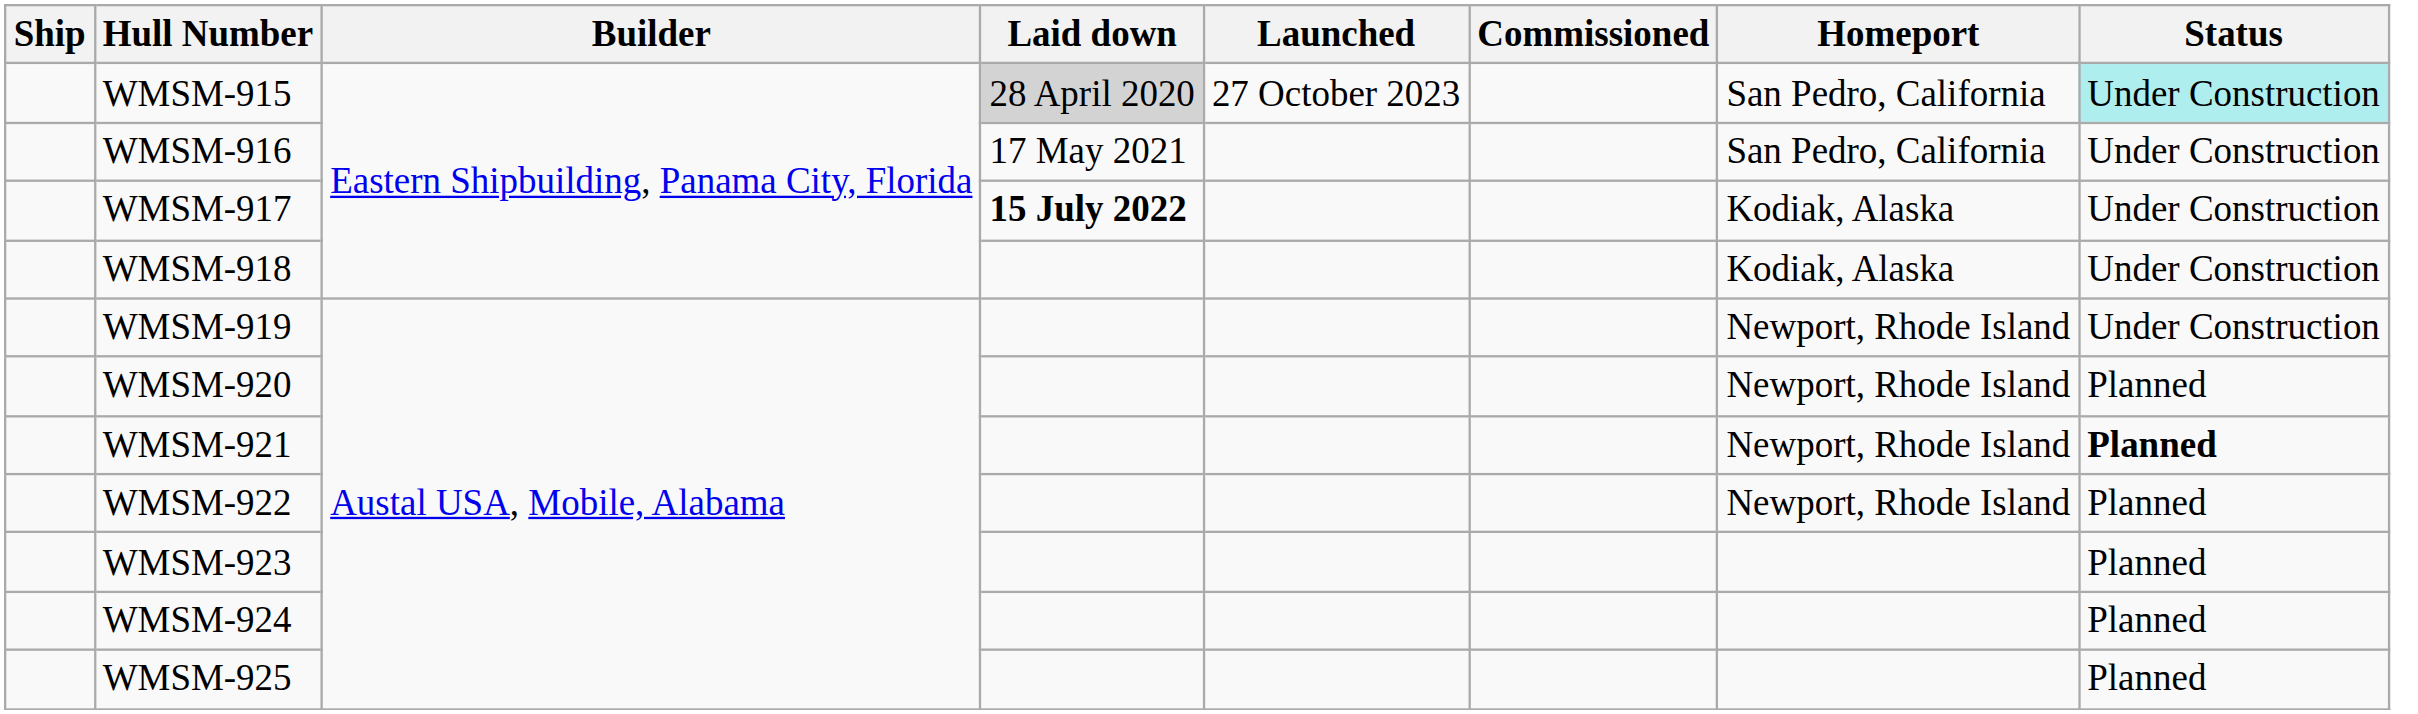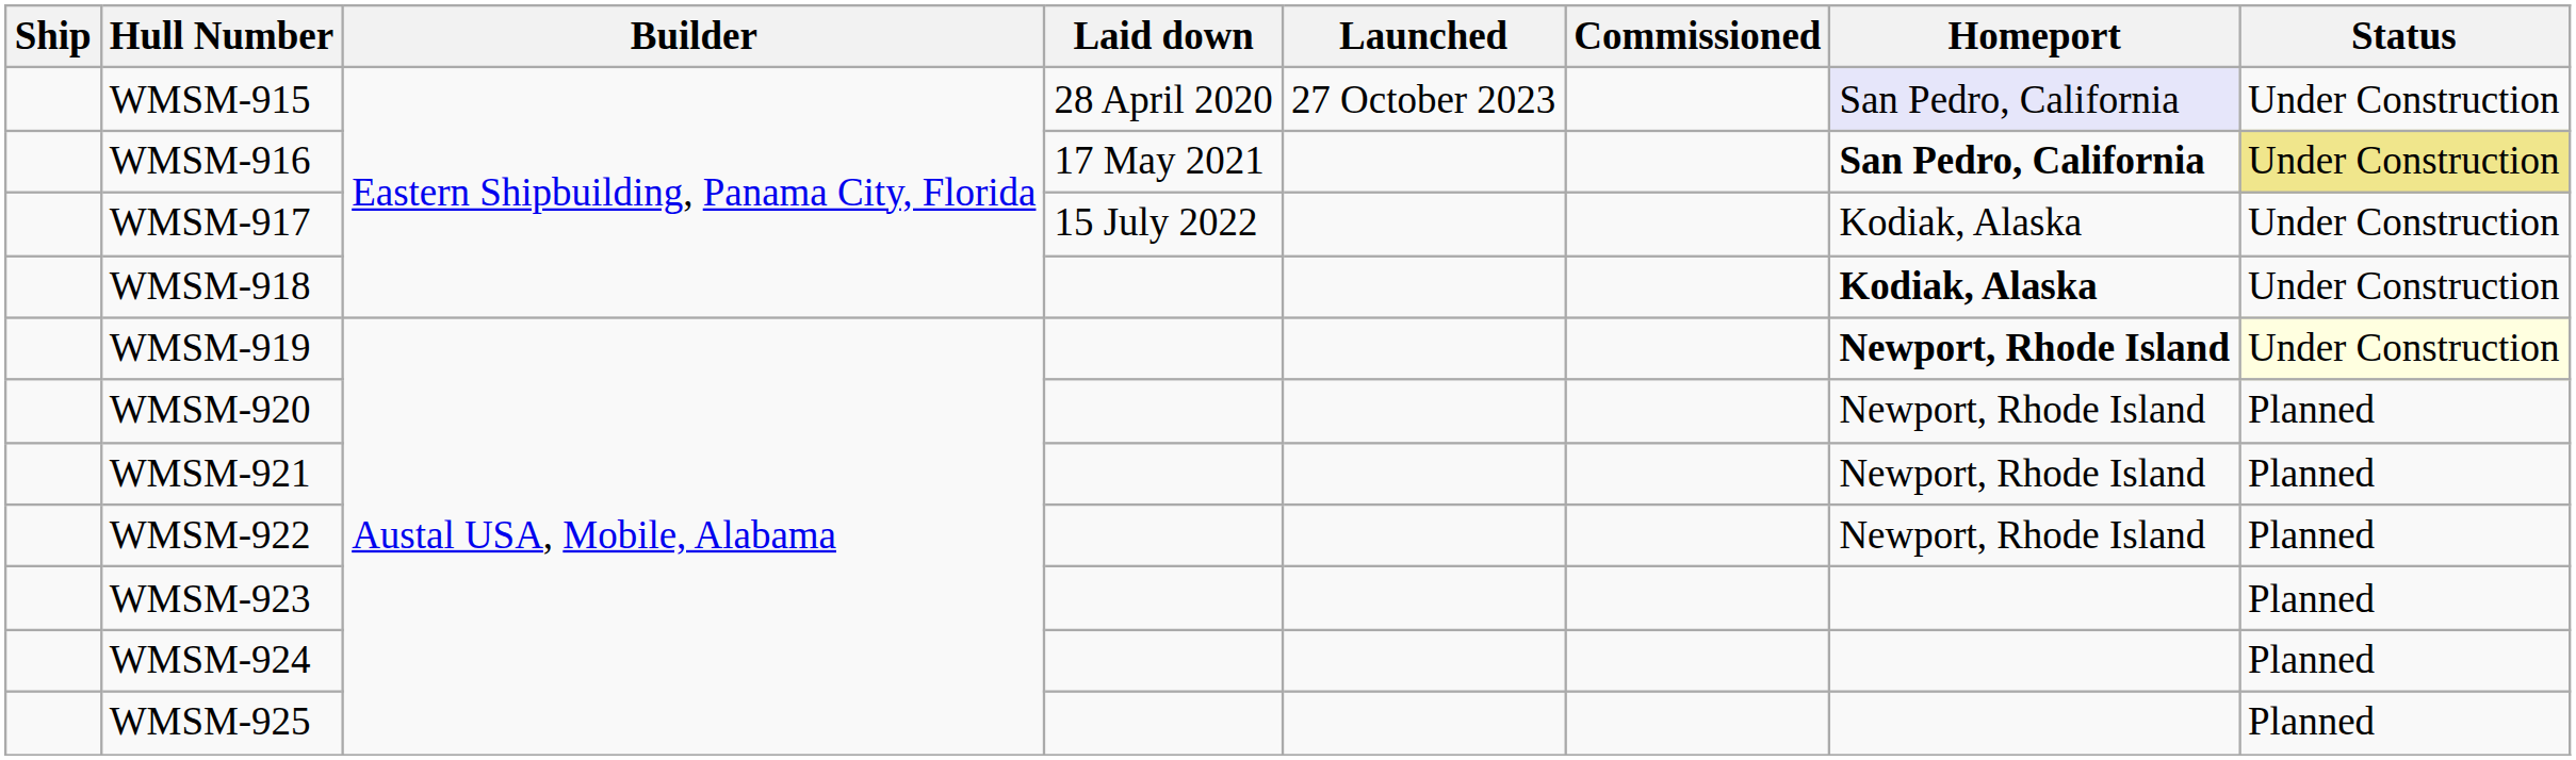 <table class="wikitable">
 <tr>
 <th align = center>Ship</th>
 <th align = center>Hull Number</th>
 <th align = center>Builder</th>
 <th align = center>Laid down</th>
 <th align = center>Launched</th>
 <th align = center>Commissioned</th>
 <th align = center>Homeport</th>
 <th align = center>Status</th>
 </tr>
 <tr>
 <td></td>
 <td>WMSM-915</td>
 <td rowspan=4><a href='#'>Eastern Shipbuilding</a>, <a href='#'>Panama City, Florida</a></td>
-<td style="background: lightgrey;">28 April 2020 </td>
+<td>28 April 2020 </td>
 <td>27 October 2023</td>
 <td></td>
-<td>San Pedro, California</td>
-<td style="background: paleturquoise;">Under Construction</td>
+<td style="background: lavender;">San Pedro, California</td>
+<td>Under Construction</td>
 </tr>
 <tr>
 <td></td>
 <td>WMSM-916</td>
 <td>17 May 2021 </td>
 <td></td>
 <td></td>
-<td>San Pedro, California</td>
-<td>Under Construction</td>
+<td><strong>San Pedro, California</strong></td>
+<td style="background: khaki;">Under Construction</td>
 </tr>
 <tr>
 <td></td>
 <td>WMSM-917</td>
-<td><strong>15 July 2022</strong></td>
+<td>15 July 2022</td>
 <td></td>
 <td></td>
 <td>Kodiak, Alaska</td>
 <td>Under Construction</td>
 </tr>
 <tr>
 <td></td>
 <td>WMSM-918</td>
 <td></td>
 <td></td>
 <td></td>
-<td>Kodiak, Alaska</td>
+<td><strong>Kodiak, Alaska</strong></td>
 <td>Under Construction</td>
 </tr>
 <tr>
 <td></td>
 <td>WMSM-919</td>
 <td rowspan="7"><a href='#'>Austal USA</a>, <a href='#'>Mobile, Alabama</a></td>
 <td></td>
 <td></td>
 <td></td>
-<td>Newport, Rhode Island</td>
-<td>Under Construction </td>
+<td><strong>Newport, Rhode Island</strong></td>
+<td style="background: lightyellow;">Under Construction </td>
 </tr>
 <tr>
 <td></td>
 <td>WMSM-920</td>
 <td></td>
 <td></td>
 <td></td>
 <td>Newport, Rhode Island</td>
 <td>Planned</td>
 </tr>
 <tr>
 <td></td>
 <td>WMSM-921</td>
 <td></td>
 <td></td>
 <td></td>
 <td>Newport, Rhode Island</td>
-<td><strong>Planned</strong></td>
+<td>Planned</td>
 </tr>
 <tr>
 <td></td>
 <td>WMSM-922</td>
 <td></td>
 <td></td>
 <td></td>
 <td>Newport, Rhode Island</td>
 <td>Planned</td>
 </tr>
 <tr>
 <td></td>
 <td>WMSM-923</td>
 <td></td>
 <td></td>
 <td></td>
 <td></td>
 <td>Planned</td>
 </tr>
 <tr>
 <td></td>
 <td>WMSM-924</td>
 <td></td>
 <td></td>
 <td></td>
 <td></td>
 <td>Planned</td>
 </tr>
 <tr>
 <td></td>
 <td>WMSM-925</td>
 <td></td>
 <td></td>
 <td></td>
 <td></td>
 <td>Planned</td>
 </tr>
 <tr>
 </tr>
 </table>
